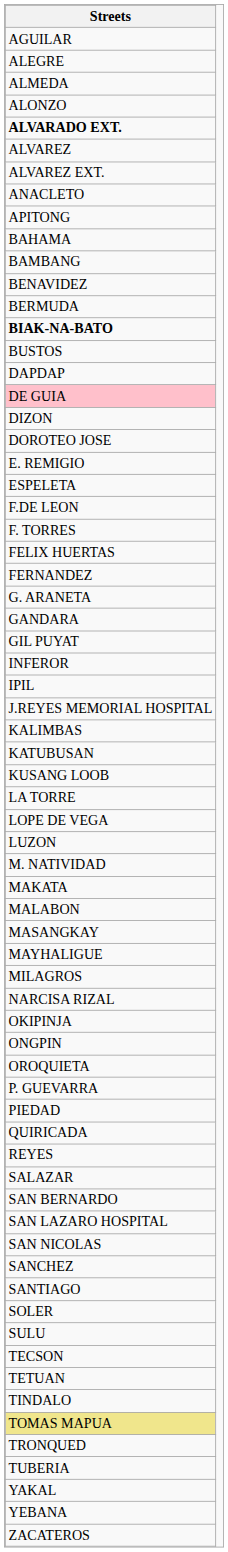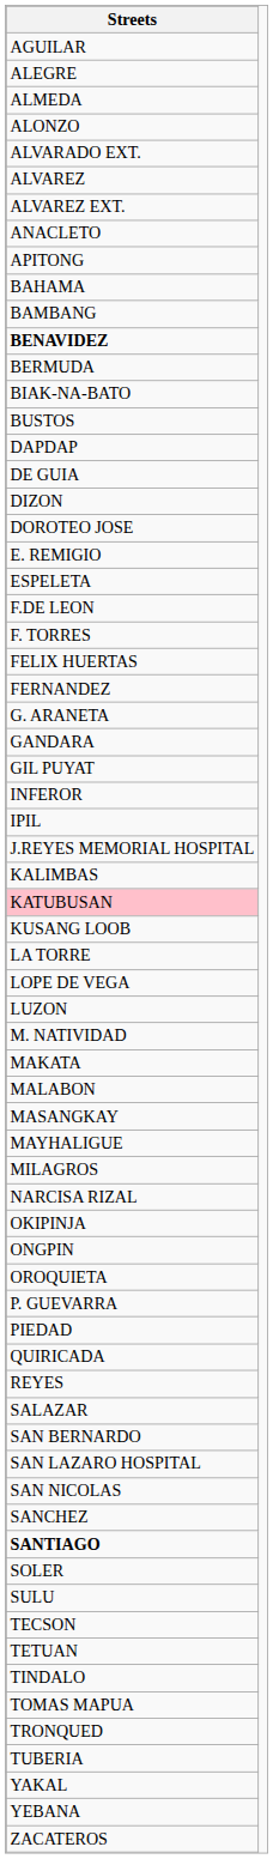 <table class="wikitable sortable mw-collapsible" style="margin:auto; width:250px; font-size:100%; text-align:left; display:inline-block;">
 <tr>
 <th>Streets</th>
 </tr>
 <tr>
 <td>AGUILAR</td>
 </tr>
 <tr>
 <td>ALEGRE</td>
 </tr>
 <tr>
 <td>ALMEDA</td>
 </tr>
 <tr>
 <td>ALONZO</td>
 </tr>
 <tr>
-<td><strong>ALVARADO EXT.</strong></td>
+<td>ALVARADO EXT.</td>
 </tr>
 <tr>
 <td>ALVAREZ</td>
 </tr>
 <tr>
 <td>ALVAREZ EXT.</td>
 </tr>
 <tr>
 <td>ANACLETO</td>
 </tr>
 <tr>
 <td>APITONG</td>
 </tr>
 <tr>
 <td>BAHAMA</td>
 </tr>
 <tr>
 <td>BAMBANG</td>
 </tr>
 <tr>
-<td>BENAVIDEZ</td>
+<td><strong>BENAVIDEZ</strong></td>
 </tr>
 <tr>
 <td>BERMUDA</td>
 </tr>
 <tr>
-<td><strong>BIAK-NA-BATO</strong></td>
+<td>BIAK-NA-BATO</td>
 </tr>
 <tr>
 <td>BUSTOS</td>
 </tr>
 <tr>
 <td>DAPDAP</td>
 </tr>
 <tr>
-<td style="background: pink;">DE GUIA</td>
+<td>DE GUIA</td>
 </tr>
 <tr>
 <td>DIZON</td>
 </tr>
 <tr>
 <td>DOROTEO JOSE</td>
 </tr>
 <tr>
 <td>E. REMIGIO</td>
 </tr>
 <tr>
 <td>ESPELETA</td>
 </tr>
 <tr>
 <td>F.DE LEON</td>
 </tr>
 <tr>
 <td>F. TORRES</td>
 </tr>
 <tr>
 <td>FELIX HUERTAS</td>
 </tr>
 <tr>
 <td>FERNANDEZ</td>
 </tr>
 <tr>
 <td>G. ARANETA</td>
 </tr>
 <tr>
 <td>GANDARA</td>
 </tr>
 <tr>
 <td>GIL PUYAT</td>
 </tr>
 <tr>
 <td>INFEROR</td>
 </tr>
 <tr>
 <td>IPIL</td>
 </tr>
 <tr>
 <td>J.REYES MEMORIAL HOSPITAL</td>
 </tr>
 <tr>
 <td>KALIMBAS</td>
 </tr>
 <tr>
-<td>KATUBUSAN</td>
+<td style="background: pink;">KATUBUSAN</td>
 </tr>
 <tr>
 <td>KUSANG LOOB</td>
 </tr>
 <tr>
 <td>LA TORRE</td>
 </tr>
 <tr>
 <td>LOPE DE VEGA</td>
 </tr>
 <tr>
 <td>LUZON</td>
 </tr>
 <tr>
 <td>M. NATIVIDAD</td>
 </tr>
 <tr>
 <td>MAKATA</td>
 </tr>
 <tr>
 <td>MALABON</td>
 </tr>
 <tr>
 <td>MASANGKAY</td>
 </tr>
 <tr>
 <td>MAYHALIGUE</td>
 </tr>
 <tr>
 <td>MILAGROS</td>
 </tr>
 <tr>
 <td>NARCISA RIZAL</td>
 </tr>
 <tr>
 <td>OKIPINJA</td>
 </tr>
 <tr>
 <td>ONGPIN</td>
 </tr>
 <tr>
 <td>OROQUIETA</td>
 </tr>
 <tr>
 <td>P. GUEVARRA</td>
 </tr>
 <tr>
 <td>PIEDAD</td>
 </tr>
 <tr>
 <td>QUIRICADA</td>
 </tr>
 <tr>
 <td>REYES</td>
 </tr>
 <tr>
 <td>SALAZAR</td>
 </tr>
 <tr>
 <td>SAN BERNARDO</td>
 </tr>
 <tr>
 <td>SAN LAZARO HOSPITAL</td>
 </tr>
 <tr>
 <td>SAN NICOLAS</td>
 </tr>
 <tr>
 <td>SANCHEZ</td>
 </tr>
 <tr>
-<td>SANTIAGO</td>
+<td><strong>SANTIAGO</strong></td>
 </tr>
 <tr>
 <td>SOLER</td>
 </tr>
 <tr>
 <td>SULU</td>
 </tr>
 <tr>
 <td>TECSON</td>
 </tr>
 <tr>
 <td>TETUAN</td>
 </tr>
 <tr>
 <td>TINDALO</td>
 </tr>
 <tr>
-<td style="background: khaki;">TOMAS MAPUA</td>
+<td>TOMAS MAPUA</td>
 </tr>
 <tr>
 <td>TRONQUED</td>
 </tr>
 <tr>
 <td>TUBERIA</td>
 </tr>
 <tr>
 <td>YAKAL</td>
 </tr>
 <tr>
 <td>YEBANA</td>
 </tr>
 <tr>
 <td>ZACATEROS</td>
 </tr>
 </table>
